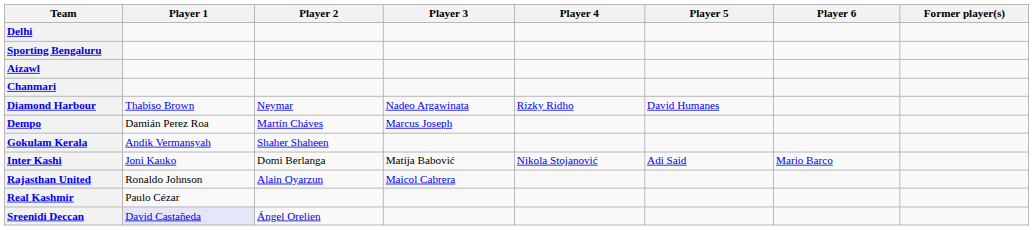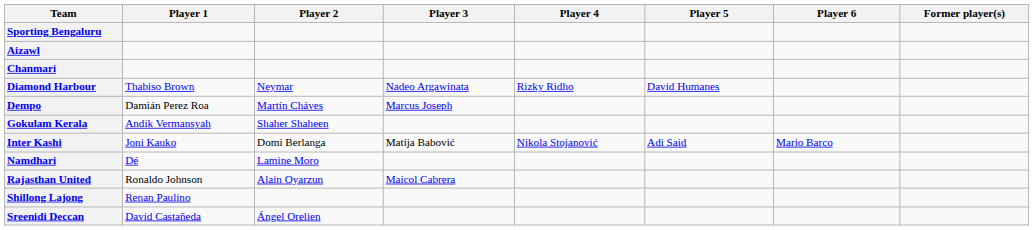 <table class="wikitable" style="text-align: left; font-size:85%">
 <tr>
 <th scope=col style="width:160px;">Team</th>
 <th scope=col style="width:180px;">Player 1</th>
 <th scope=col style="width:180px;">Player 2</th>
 <th scope=col style="width:180px;">Player 3</th>
 <th scope=col style="width:180px;">Player 4</th>
 <th scope=col style="width:180px;">Player 5</th>
 <th scope=col style="width:180px;">Player 6</th>
 <th scope=col style="width:180px;">Former player(s)</th>
-</tr>
-<tr>
-<th scope=row style="text-align: left;"><a href='#'>Delhi</a></th>
-<td></td>
-<td></td>
-<td></td>
-<td></td>
-<td></td>
-<td></td>
-<td></td>
 </tr>
 <tr>
 <th scope=row style="text-align: left;"><a href='#'>Sporting Bengaluru</a></th>
 <td></td>
 <td></td>
 <td></td>
 <td></td>
 <td></td>
 <td></td>
 <td></td>
 </tr>
 <tr>
 <th scope=row style="text-align: left;"><a href='#'>Aizawl</a></th>
 <td></td>
 <td></td>
 <td></td>
 <td></td>
 <td></td>
 <td></td>
 <td></td>
 </tr>
 <tr>
 <th scope=row style="text-align: left;"><a href='#'>Chanmari</a></th>
 <td></td>
 <td></td>
 <td></td>
 <td></td>
 <td></td>
 <td></td>
 <td></td>
 </tr>
 <tr>
 <th scope=row style="text-align: left;"><a href='#'>Diamond Harbour</a></th>
 <td> <a href='#'>Thabiso Brown</a></td>
 <td> <a href='#'>Neymar</a></td>
 <td> <a href='#'>Nadeo Argawinata</a></td>
 <td> <a href='#'>Rizky Ridho</a></td>
 <td> <a href='#'>David Humanes</a></td>
 <td></td>
 <td></td>
 </tr>
 <tr>
 <th scope=row style="text-align: left;"><a href='#'>Dempo</a></th>
 <td> Damián Perez Roa</td>
 <td> <a href='#'>Martín Cháves</a></td>
 <td> <a href='#'>Marcus Joseph</a></td>
 <td></td>
 <td></td>
 <td></td>
 <td></td>
 </tr>
 <tr>
 <th scope=row style="text-align: left;"><a href='#'>Gokulam Kerala</a></th>
 <td> <a href='#'>Andik Vermansyah</a></td>
 <td> <a href='#'>Shaher Shaheen</a></td>
 <td></td>
 <td></td>
 <td></td>
 <td></td>
 <td></td>
 </tr>
 <tr>
 <th scope=row style="text-align: left;"><a href='#'>Inter Kashi</a></th>
 <td> <a href='#'>Joni Kauko</a></td>
 <td> Domi Berlanga</td>
 <td> Matija Babović</td>
 <td> <a href='#'>Nikola Stojanović</a></td>
 <td> <a href='#'>Adi Said</a></td>
 <td> <a href='#'>Mario Barco</a></td>
 <td></td>
 </tr>
 <tr>
+<th scope="row" style="text-align: left;"><a href='#'>Namdhari</a></th>
+<td> <a href='#'>Dé</a></td>
+<td> <a href='#'>Lamine Moro</a></td>
+<td></td>
+<td></td>
+<td></td>
+<td></td>
+<td></td>
+</tr>
+<tr>
 <th scope=row style="text-align: left;"><a href='#'>Rajasthan United</a></th>
 <td> Ronaldo Johnson</td>
 <td> <a href='#'>Alain Oyarzun</a></td>
 <td> <a href='#'>Maicol Cabrera</a></td>
 <td></td>
 <td></td>
 <td></td>
 <td></td>
 </tr>
 <tr>
-<th scope=row style="text-align: left;"><a href='#'>Real Kashmir</a></th>
-<td> Paulo Cézar</td>
+<th scope=row style="text-align: left;"><a href='#'>Shillong Lajong</a></th>
+<td> <a href='#'>Renan Paulino</a></td>
 <td></td>
 <td></td>
 <td></td>
 <td></td>
 <td></td>
 <td></td>
 </tr>
 <tr>
 <th scope=row style="text-align: left;"><a href='#'>Sreenidi Deccan</a></th>
-<td style="background: lavender;"> <a href='#'>David Castañeda</a></td>
+<td> <a href='#'>David Castañeda</a></td>
 <td> <a href='#'>Ángel Orelien</a></td>
 <td></td>
 <td></td>
 <td></td>
 <td></td>
 <td></td>
 </tr>
 </table>
